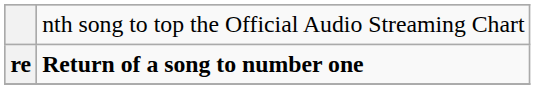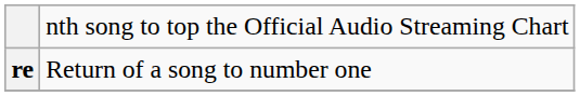 <table class="wikitable plainrowheaders sortable" style="font-size:90%;">
 <tr>
 <th scope=col></th>
 <td>nth song to top the Official Audio Streaming Chart</td>
 </tr>
 <tr>
 <th scope=row style="text-align:center;">re</th>
-<td><strong>Return of a song to number one</strong></td>
+<td>Return of a song to number one</td>
 </tr>
 <tr>
 </tr>
 </table>
